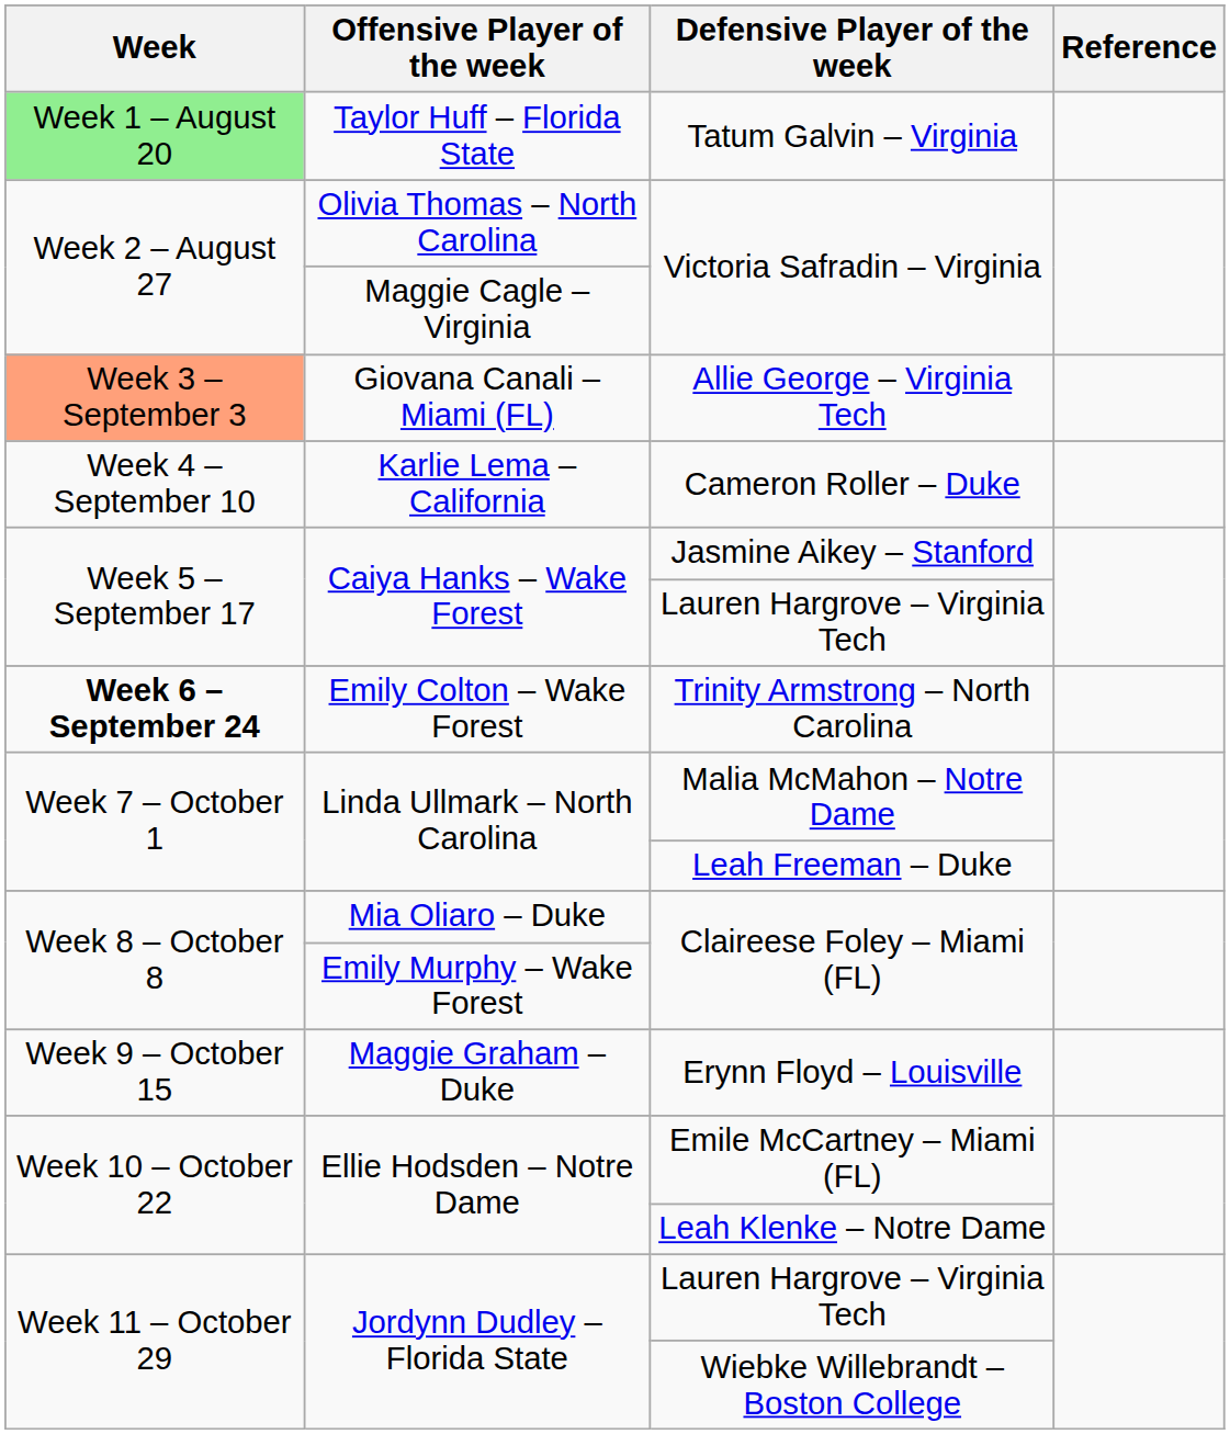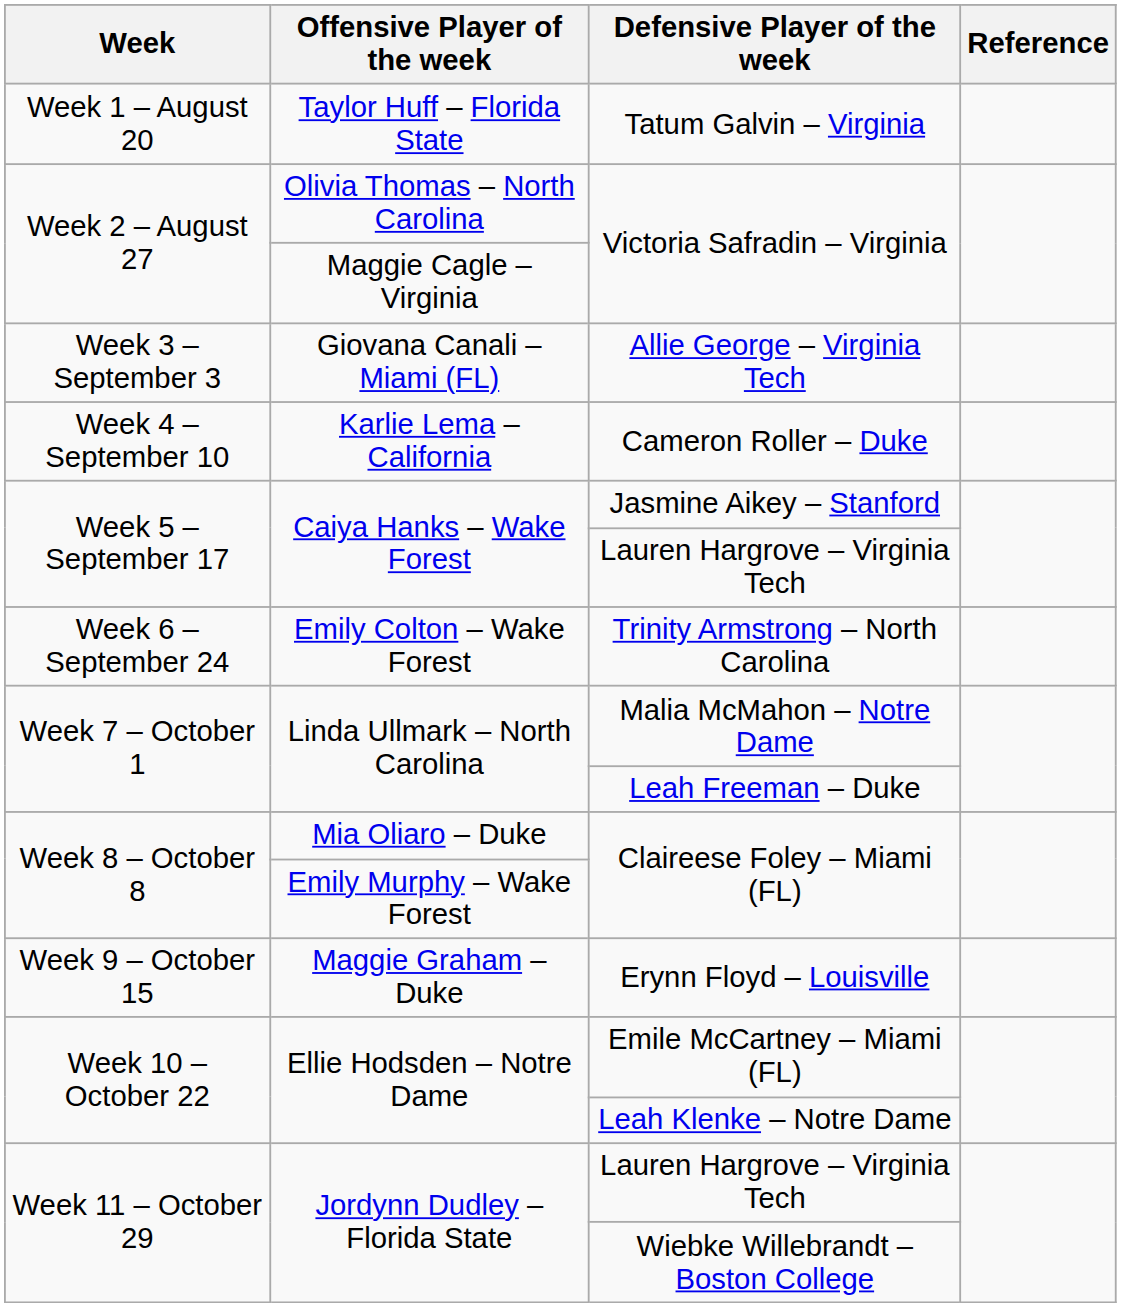 <table class="wikitable" border="1" style="text-align:center">
 <tr>
 <th>Week</th>
 <th>Offensive Player of the week</th>
 <th>Defensive Player of the week</th>
 <th>Reference</th>
 </tr>
 <tr>
-<td style="background: lightgreen;">Week 1 – August 20</td>
+<td>Week 1 – August 20</td>
 <td><a href='#'>Taylor Huff</a> – <a href='#'>Florida State</a></td>
 <td>Tatum Galvin – <a href='#'>Virginia</a></td>
 <td></td>
 </tr>
 <tr>
 <td rowspan=2>Week 2 – August 27</td>
 <td><a href='#'>Olivia Thomas</a> – <a href='#'>North Carolina</a></td>
 <td rowspan=2>Victoria Safradin – Virginia</td>
 <td rowspan=2></td>
 </tr>
 <tr>
 <td>Maggie Cagle – Virginia</td>
 </tr>
 <tr>
-<td style="background: lightsalmon;">Week 3 – September 3</td>
+<td>Week 3 – September 3</td>
 <td>Giovana Canali – <a href='#'>Miami (FL)</a></td>
 <td><a href='#'>Allie George</a> – <a href='#'>Virginia Tech</a></td>
 <td></td>
 </tr>
 <tr>
 <td>Week 4 – September 10</td>
 <td><a href='#'>Karlie Lema</a> – <a href='#'>California</a></td>
 <td>Cameron Roller – <a href='#'>Duke</a></td>
 <td></td>
 </tr>
 <tr>
 <td rowspan=2>Week 5 – September 17</td>
 <td rowspan=2><a href='#'>Caiya Hanks</a> – <a href='#'>Wake Forest</a></td>
 <td>Jasmine Aikey – <a href='#'>Stanford</a></td>
 <td rowspan=2></td>
 </tr>
 <tr>
 <td>Lauren Hargrove – Virginia Tech</td>
 </tr>
 <tr>
-<td><strong>Week 6 – September 24</strong></td>
+<td>Week 6 – September 24</td>
 <td><a href='#'>Emily Colton</a> – Wake Forest</td>
 <td><a href='#'>Trinity Armstrong</a> – North Carolina</td>
 <td></td>
 </tr>
 <tr>
 <td rowspan=2>Week 7 – October 1</td>
 <td rowspan=2>Linda Ullmark – North Carolina</td>
 <td>Malia McMahon – <a href='#'>Notre Dame</a></td>
 <td rowspan=2></td>
 </tr>
 <tr>
 <td><a href='#'>Leah Freeman</a> – Duke</td>
 </tr>
 <tr>
 <td rowspan=2>Week 8 – October 8</td>
 <td><a href='#'>Mia Oliaro</a> – Duke</td>
 <td rowspan=2>Claireese Foley – Miami (FL)</td>
 <td rowspan=2></td>
 </tr>
 <tr>
 <td><a href='#'>Emily Murphy</a> – Wake Forest</td>
 </tr>
 <tr>
 <td>Week 9 – October 15</td>
 <td><a href='#'>Maggie Graham</a> – Duke</td>
 <td>Erynn Floyd – <a href='#'>Louisville</a></td>
 <td></td>
 </tr>
 <tr>
 <td rowspan=2>Week 10 – October 22</td>
 <td rowspan=2>Ellie Hodsden – Notre Dame</td>
 <td>Emile McCartney – Miami (FL)</td>
 <td rowspan=2></td>
 </tr>
 <tr>
 <td><a href='#'>Leah Klenke</a> – Notre Dame</td>
 </tr>
 <tr>
 <td rowspan=2>Week 11 – October 29</td>
 <td rowspan=2><a href='#'>Jordynn Dudley</a> – Florida State</td>
 <td>Lauren Hargrove  – Virginia Tech</td>
 <td rowspan=2></td>
 </tr>
 <tr>
 <td>Wiebke Willebrandt – <a href='#'>Boston College</a></td>
 </tr>
 </table>
